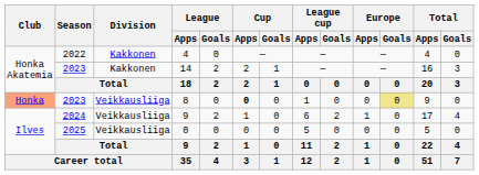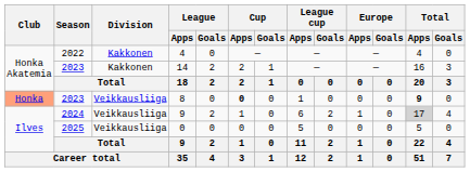 <table class="wikitable" style="text-align:center">
 <tr>
 <th rowspan="2">Club</th>
 <th rowspan="2">Season</th>
 <th rowspan="2">Division</th>
 <th colspan="2">League</th>
 <th colspan="2">Cup</th>
 <th colspan="2">League cup</th>
 <th colspan="2">Europe</th>
 <th colspan="2">Total</th>
 </tr>
 <tr>
 <th>Apps</th>
 <th>Goals</th>
 <th>Apps</th>
 <th>Goals</th>
 <th>Apps</th>
 <th>Goals</th>
 <th>Apps</th>
 <th>Goals</th>
 <th>Apps</th>
 <th>Goals</th>
 </tr>
 <tr>
 <td rowspan="3">Honka Akatemia</td>
 <td>2022</td>
 <td><a href='#'>Kakkonen</a></td>
 <td>4</td>
 <td>0</td>
 <td colspan="2">—</td>
 <td colspan="2">—</td>
 <td colspan="2">—</td>
 <td>4</td>
 <td>0</td>
 </tr>
 <tr>
 <td><a href='#'>2023</a></td>
 <td>Kakkonen</td>
 <td>14</td>
 <td>2</td>
 <td>2</td>
 <td>1</td>
 <td colspan="2">—</td>
 <td colspan="2">—</td>
 <td>16</td>
 <td>3</td>
 </tr>
 <tr>
 <th colspan="2">Total</th>
 <th>18</th>
 <th>2</th>
 <th>2</th>
 <th>1</th>
 <th>0</th>
 <th>0</th>
 <th>0</th>
 <th>0</th>
 <th>20</th>
 <th>3</th>
 </tr>
 <tr>
 <td style="background: lightsalmon;"><a href='#'>Honka</a></td>
 <td><a href='#'>2023</a></td>
 <td><a href='#'>Veikkausliiga</a></td>
 <td>8</td>
 <td>0</td>
 <td><strong>0</strong></td>
 <td>0</td>
 <td>1</td>
 <td>0</td>
 <td>0</td>
-<td style="background: khaki;">0</td>
-<td>9</td>
+<td>0</td>
+<td><strong>9</strong></td>
 <td>0</td>
 </tr>
 <tr>
 <td rowspan=3><a href='#'>Ilves</a></td>
 <td><a href='#'>2024</a></td>
 <td>Veikkausliiga</td>
 <td>9</td>
 <td>2</td>
 <td>1</td>
 <td>0</td>
 <td>6</td>
 <td>2</td>
 <td>1</td>
 <td>0</td>
-<td>17</td>
+<td style="background: lightgrey;">17</td>
 <td>4</td>
 </tr>
 <tr>
 <td><a href='#'>2025</a></td>
 <td>Veikkausliiga</td>
 <td>0</td>
 <td>0</td>
 <td>0</td>
 <td>0</td>
 <td>5</td>
 <td>0</td>
 <td>0</td>
 <td>0</td>
 <td>5</td>
 <td>0</td>
 </tr>
 <tr>
 <th colspan=2>Total</th>
 <th>9</th>
 <th>2</th>
 <th>1</th>
 <th>0</th>
 <th>11</th>
 <th>2</th>
 <th>1</th>
 <th>0</th>
 <th>22</th>
 <th>4</th>
 </tr>
 <tr>
 <th colspan="3">Career total</th>
 <th>35</th>
 <th>4</th>
 <th>3</th>
 <th>1</th>
 <th>12</th>
 <th>2</th>
 <th>1</th>
 <th>0</th>
 <th>51</th>
 <th>7</th>
 </tr>
 </table>
